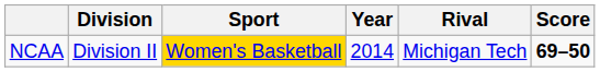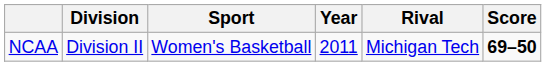 <table class="wikitable" style="text-align:center">
 <tr>
 <th width=px></th>
 <th width=px>Division</th>
 <th width=px>Sport</th>
 <th width=px>Year</th>
 <th width=px>Rival</th>
 <th width=px>Score</th>
 </tr>
 <tr align="center">
 <td rowspan="1"><a href='#'>NCAA</a></td>
 <td rowspan="1"><a href='#'>Division II</a></td>
-<td rowspan="1" style="background: gold;"><a href='#'>Women's Basketball</a></td>
-<td><a href='#'>2014</a></td>
+<td rowspan="1"><a href='#'>Women's Basketball</a></td>
+<td><a href='#'>2011</a></td>
 <td><a href='#'>Michigan Tech</a></td>
 <td><strong>69–50</strong></td>
 </tr>
 </table>
